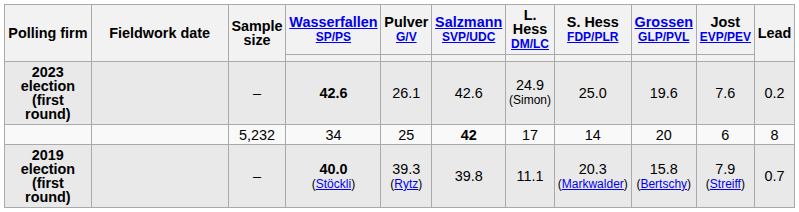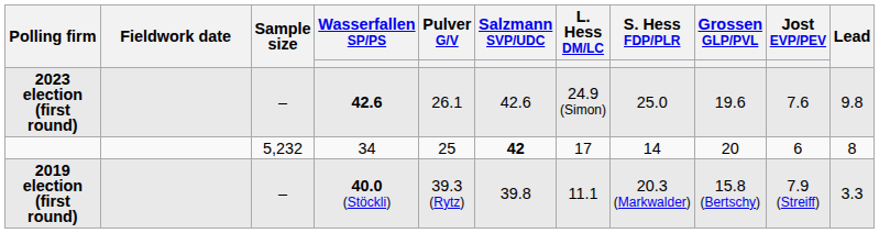 <table class="wikitable sortable" style="text-align:center;font-size:90%;line-height:14px;">
 <tr style="height:40px;">
 <th style="width:80px;" rowspan="2">Polling firm</th>
 <th style="width:130px;" rowspan="2">Fieldwork date</th>
 <th style="width:35px;" rowspan="2">Sample<br>size</th>
 <th class="unsortable" style="width:40px;"><a href='#'>Wasserfallen</a><br><small><a href='#'>SP/PS</a></small></th>
 <th class="unsortable" style="width:40px;">Pulver<br><small><a href='#'>G/V</a></small></th>
 <th class="unsortable" style="width:40px;"><a href='#'>Salzmann</a><br><small><a href='#'>SVP/UDC</a></small></th>
 <th class="unsortable" style="width:40px;">L. Hess<br><small><a href='#'>DM/LC</a></small></th>
 <th class="unsortable" style="width:40px;">S. Hess<br><small><a href='#'>FDP/PLR</a></small></th>
 <th class="unsortable" style="width:40px;"><a href='#'>Grossen</a><br><small><a href='#'>GLP/PVL</a></small></th>
 <th class="unsortable" style="width:40px;">Jost<br><small><a href='#'>EVP/PEV</a></small></th>
 <th style="width:30px;" rowspan="2">Lead</th>
 </tr>
 <tr>
 <th style="background:"></th>
 <th style="background:"></th>
 <th style="background:"></th>
 <th style="background:"></th>
 <th style="background:"></th>
 <th style="background:"></th>
 <th style="background:"></th>
 </tr>
 <tr style="background:#E9E9E9;">
 <td><strong>2023 election (first round)</strong></td>
 <td></td>
 <td>–</td>
 <td style="background:#"><strong>42.6</strong></td>
 <td>26.1</td>
 <td>42.6</td>
 <td>24.9<br><small>(Simon)</small></td>
 <td>25.0</td>
 <td>19.6</td>
 <td>7.6</td>
-<td style="background:">0.2</td>
+<td style="background:">9.8</td>
 </tr>
 <tr>
 <td></td>
 <td></td>
 <td>5,232</td>
 <td>34</td>
 <td>25</td>
 <td style="background:#"><strong>42</strong></td>
 <td>17</td>
 <td>14</td>
 <td>20</td>
 <td>6</td>
 <td style="background:">8</td>
 </tr>
 <tr style="background:#E9E9E9;">
 <td><strong>2019 election (first round)</strong></td>
 <td></td>
 <td>–</td>
 <td style="background:#"><strong>40.0</strong><br><small>(<a href='#'>Stöckli</a>)</small></td>
 <td>39.3<br><small>(<a href='#'>Rytz</a>)</small></td>
 <td>39.8</td>
 <td>11.1</td>
 <td>20.3<br><small>(<a href='#'>Markwalder</a>)</small></td>
 <td>15.8<br><small>(<a href='#'>Bertschy</a>)</small></td>
 <td>7.9<br><small>(<a href='#'>Streiff</a>)</small></td>
-<td style="background:">0.7</td>
+<td style="background:">3.3</td>
 </tr>
 </table>
